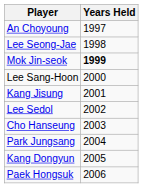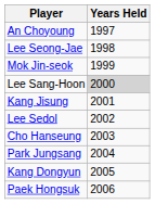 <table class="wikitable">
 <tr>
 <th>Player</th>
 <th>Years Held</th>
 </tr>
 <tr>
 <td><a href='#'>An Choyoung</a></td>
 <td>1997</td>
 </tr>
 <tr>
 <td><a href='#'>Lee Seong-Jae</a></td>
 <td>1998</td>
 </tr>
 <tr>
 <td><a href='#'>Mok Jin-seok</a></td>
-<td><strong>1999</strong></td>
+<td>1999</td>
 </tr>
 <tr>
 <td>Lee Sang-Hoon</td>
-<td>2000</td>
+<td style="background: lightgrey;">2000</td>
 </tr>
 <tr>
 <td><a href='#'>Kang Jisung</a></td>
 <td>2001</td>
 </tr>
 <tr>
 <td><a href='#'>Lee Sedol</a></td>
 <td>2002</td>
 </tr>
 <tr>
 <td><a href='#'>Cho Hanseung</a></td>
 <td>2003</td>
 </tr>
 <tr>
 <td><a href='#'>Park Jungsang</a></td>
 <td>2004</td>
 </tr>
 <tr>
 <td><a href='#'>Kang Dongyun</a></td>
 <td>2005</td>
 </tr>
 <tr>
 <td><a href='#'>Paek Hongsuk</a></td>
 <td>2006</td>
 </tr>
 </table>
